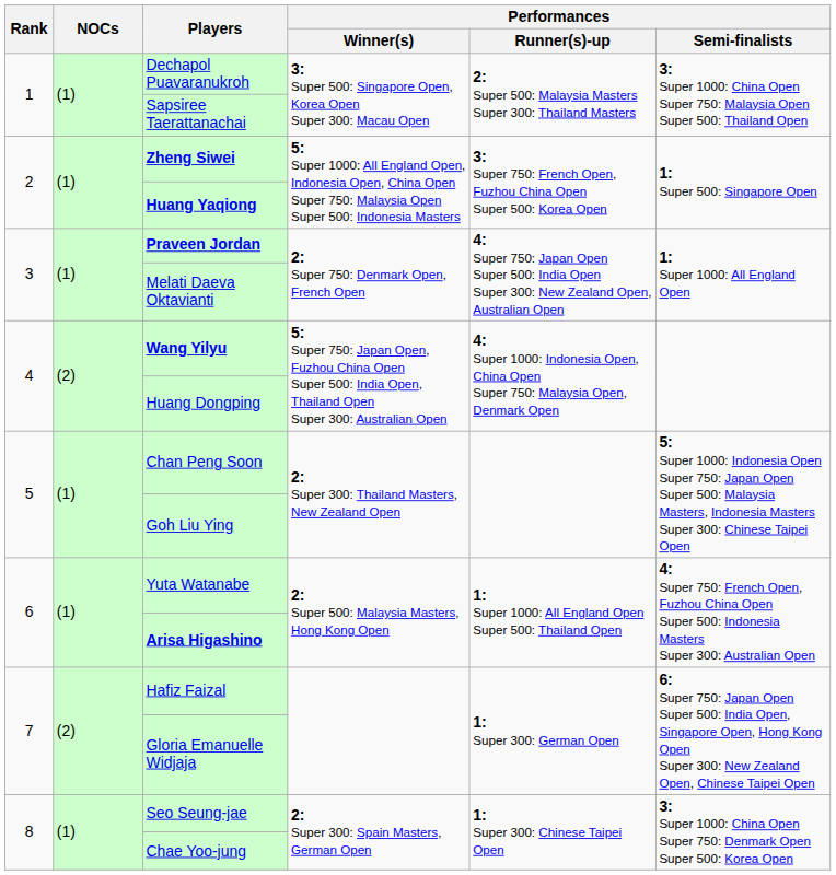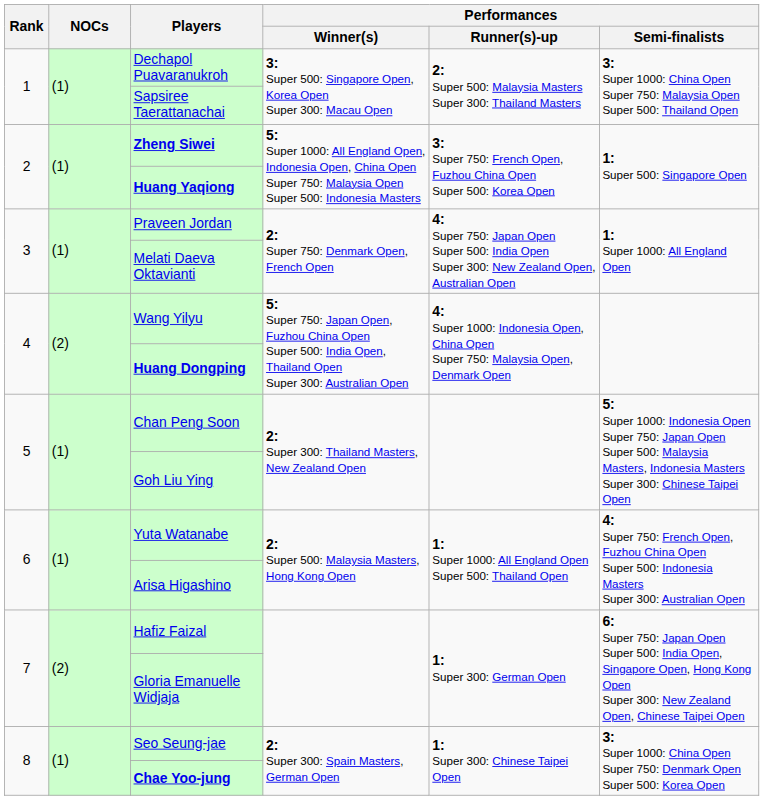 <table class="wikitable" style="text-align:left">
 <tr>
 <th rowspan="2" width="50">Rank</th>
 <th rowspan="2" width="150">NOCs</th>
 <th rowspan="2" width="200">Players</th>
 <th colspan="3">Performances</th>
 </tr>
 <tr>
 <th width="350">Winner(s)</th>
 <th width="350">Runner(s)-up</th>
 <th width="350">Semi-finalists</th>
 </tr>
 <tr>
 <td align="center" rowspan="2">1</td>
 <td bgcolor="#ccffcc" rowspan="2"> (1)</td>
 <td bgcolor="#ccffcc"><a href='#'>Dechapol Puavaranukroh</a></td>
 <td rowspan="2"><strong>3:</strong><br><small>Super 500: <a href='#'>Singapore Open</a>, <a href='#'>Korea Open</a><br>Super 300: <a href='#'>Macau Open</a></small></td>
 <td rowspan="2"><strong>2:</strong><br><small>Super 500: <a href='#'>Malaysia Masters</a><br>Super 300: <a href='#'>Thailand Masters</a></small></td>
 <td rowspan="2"><strong>3:</strong><br><small>Super 1000: <a href='#'>China Open</a><br>Super 750: <a href='#'>Malaysia Open</a><br>Super 500: <a href='#'>Thailand Open</a></small></td>
 </tr>
 <tr>
 <td bgcolor="#ccffcc"><a href='#'>Sapsiree Taerattanachai</a></td>
 </tr>
 <tr>
 <td align="center" rowspan="2">2</td>
 <td bgcolor="#ccffcc" rowspan="2"> (1)</td>
 <td bgcolor="#ccffcc"><strong><a href='#'>Zheng Siwei</a></strong></td>
 <td rowspan="2"><strong>5:</strong><br><small>Super 1000: <a href='#'>All England Open</a>, <a href='#'>Indonesia Open</a>, <a href='#'>China Open</a><br>Super 750: <a href='#'>Malaysia Open</a><br>Super 500: <a href='#'>Indonesia Masters</a></small></td>
 <td rowspan="2"><strong>3:</strong><br><small>Super 750: <a href='#'>French Open</a>, <a href='#'>Fuzhou China Open</a><br>Super 500: <a href='#'>Korea Open</a></small></td>
 <td rowspan="2"><strong>1:</strong><br><small>Super 500: <a href='#'>Singapore Open</a></small></td>
 </tr>
 <tr>
 <td bgcolor="#ccffcc"><strong><a href='#'>Huang Yaqiong</a></strong></td>
 </tr>
 <tr>
 <td align="center" rowspan="2">3</td>
 <td bgcolor="#ccffcc" rowspan="2"> (1)</td>
-<td bgcolor="#ccffcc"><strong><a href='#'>Praveen Jordan</a></strong></td>
+<td bgcolor="#ccffcc"><a href='#'>Praveen Jordan</a></td>
 <td rowspan="2"><strong>2:</strong><br><small>Super 750: <a href='#'>Denmark Open</a>, <a href='#'>French Open</a></small></td>
 <td rowspan="2"><strong>4:</strong><br><small>Super 750: <a href='#'>Japan Open</a><br>Super 500: <a href='#'>India Open</a><br>Super 300: <a href='#'>New Zealand Open</a>, <a href='#'>Australian Open</a></small></td>
 <td rowspan="2"><strong>1:</strong><br><small>Super 1000: <a href='#'>All England Open</a></small></td>
 </tr>
 <tr>
 <td bgcolor="#ccffcc"><a href='#'>Melati Daeva Oktavianti</a></td>
 </tr>
 <tr>
 <td align="center" rowspan="2">4</td>
 <td bgcolor="#ccffcc" rowspan="2"> (2)</td>
-<td bgcolor="#ccffcc"><strong><a href='#'>Wang Yilyu</a></strong></td>
+<td bgcolor="#ccffcc"><a href='#'>Wang Yilyu</a></td>
 <td rowspan="2"><strong>5:</strong><br><small>Super 750: <a href='#'>Japan Open</a>, <a href='#'>Fuzhou China Open</a><br>Super 500: <a href='#'>India Open</a>, <a href='#'>Thailand Open</a><br>Super 300: <a href='#'>Australian Open</a></small></td>
 <td rowspan="2"><strong>4:</strong><br><small>Super 1000: <a href='#'>Indonesia Open</a>, <a href='#'>China Open</a><br>Super 750: <a href='#'>Malaysia Open</a>, <a href='#'>Denmark Open</a></small></td>
 <td rowspan="2"></td>
 </tr>
 <tr>
-<td bgcolor="#ccffcc"><a href='#'>Huang Dongping</a></td>
+<td bgcolor="#ccffcc"><strong><a href='#'>Huang Dongping</a></strong></td>
 </tr>
 <tr>
 <td align="center" rowspan="2">5</td>
 <td bgcolor="#ccffcc" rowspan="2"> (1)</td>
 <td bgcolor="#ccffcc"><a href='#'>Chan Peng Soon</a></td>
 <td rowspan="2"><strong>2:</strong><br><small>Super 300: <a href='#'>Thailand Masters</a>, <a href='#'>New Zealand Open</a></small></td>
 <td rowspan="2"></td>
 <td rowspan="2"><strong>5:</strong><br><small>Super 1000: <a href='#'>Indonesia Open</a><br>Super 750: <a href='#'>Japan Open</a><br>Super 500: <a href='#'>Malaysia Masters</a>,  <a href='#'>Indonesia Masters</a><br>Super 300: <a href='#'>Chinese Taipei Open</a></small></td>
 </tr>
 <tr>
 <td bgcolor="#ccffcc"><a href='#'>Goh Liu Ying</a></td>
 </tr>
 <tr>
 <td align="center" rowspan="2">6</td>
 <td bgcolor="#ccffcc" rowspan="2"> (1)</td>
 <td bgcolor="#ccffcc"><a href='#'>Yuta Watanabe</a></td>
 <td rowspan="2"><strong>2:</strong><br><small>Super 500: <a href='#'>Malaysia Masters</a>, <a href='#'>Hong Kong Open</a></small></td>
 <td rowspan="2"><strong>1:</strong><br><small>Super 1000: <a href='#'>All England Open</a><br>Super 500: <a href='#'>Thailand Open</a></small></td>
 <td rowspan="2"><strong>4:</strong><br><small>Super 750: <a href='#'>French Open</a>, <a href='#'>Fuzhou China Open</a><br>Super 500: <a href='#'>Indonesia Masters</a><br>Super 300: <a href='#'>Australian Open</a></small></td>
 </tr>
 <tr>
-<td bgcolor="#ccffcc"><strong><a href='#'>Arisa Higashino</a></strong></td>
+<td bgcolor="#ccffcc"><a href='#'>Arisa Higashino</a></td>
 </tr>
 <tr>
 <td align="center" rowspan="2">7</td>
 <td bgcolor="#ccffcc" rowspan="2"> (2)</td>
 <td bgcolor="#ccffcc"><a href='#'>Hafiz Faizal</a></td>
 <td rowspan="2"></td>
 <td rowspan="2"><strong>1:</strong><br><small>Super 300: <a href='#'>German Open</a></small></td>
 <td rowspan="2"><strong>6:</strong><br><small>Super 750: <a href='#'>Japan Open</a><br>Super 500: <a href='#'>India Open</a>, <a href='#'>Singapore Open</a>, <a href='#'>Hong Kong Open</a><br>Super 300: <a href='#'>New Zealand Open</a>, <a href='#'>Chinese Taipei Open</a></small></td>
 </tr>
 <tr>
 <td bgcolor="#ccffcc"><a href='#'>Gloria Emanuelle Widjaja</a></td>
 </tr>
 <tr>
 <td align="center" rowspan="2">8</td>
 <td bgcolor="#ccffcc" rowspan="2"> (1)</td>
 <td bgcolor="#ccffcc"><a href='#'>Seo Seung-jae</a></td>
 <td rowspan="2"><strong>2:</strong><br><small>Super 300: <a href='#'>Spain Masters</a>, <a href='#'>German Open</a></small></td>
 <td rowspan="2"><strong>1:</strong><br><small>Super 300: <a href='#'>Chinese Taipei Open</a></small></td>
 <td rowspan="2"><strong>3:</strong><br><small>Super 1000: <a href='#'>China Open</a><br>Super 750: <a href='#'>Denmark Open</a><br>Super 500: <a href='#'>Korea Open</a></small></td>
 </tr>
 <tr>
-<td bgcolor="#ccffcc"><a href='#'>Chae Yoo-jung</a></td>
+<td bgcolor="#ccffcc"><strong><a href='#'>Chae Yoo-jung</a></strong></td>
 </tr>
 </table>
